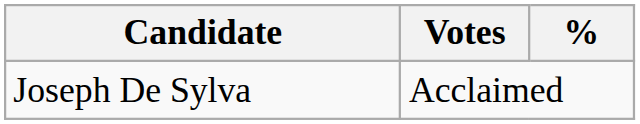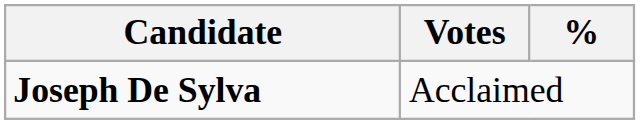 <table class="wikitable">
 <tr>
 <th style="width: 170px">Candidate</th>
 <th style="width: 50px">Votes</th>
 <th style="width: 40px">%</th>
 </tr>
 <tr>
-<td>Joseph De Sylva</td>
+<td><strong>Joseph De Sylva</strong></td>
 <td colspan=2>Acclaimed</td>
 </tr>
 </table>
